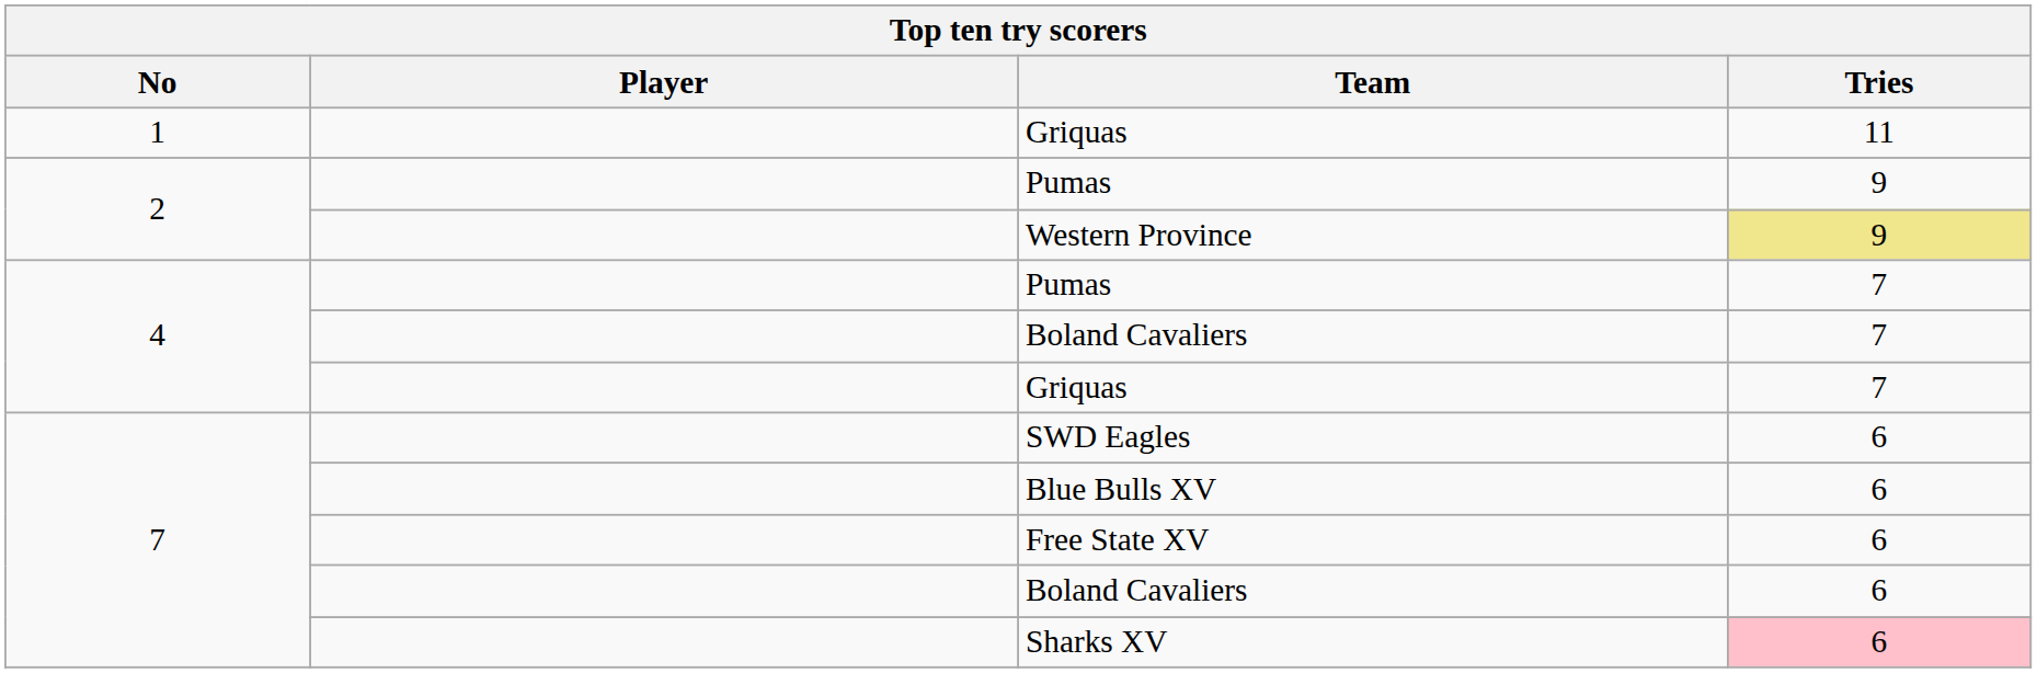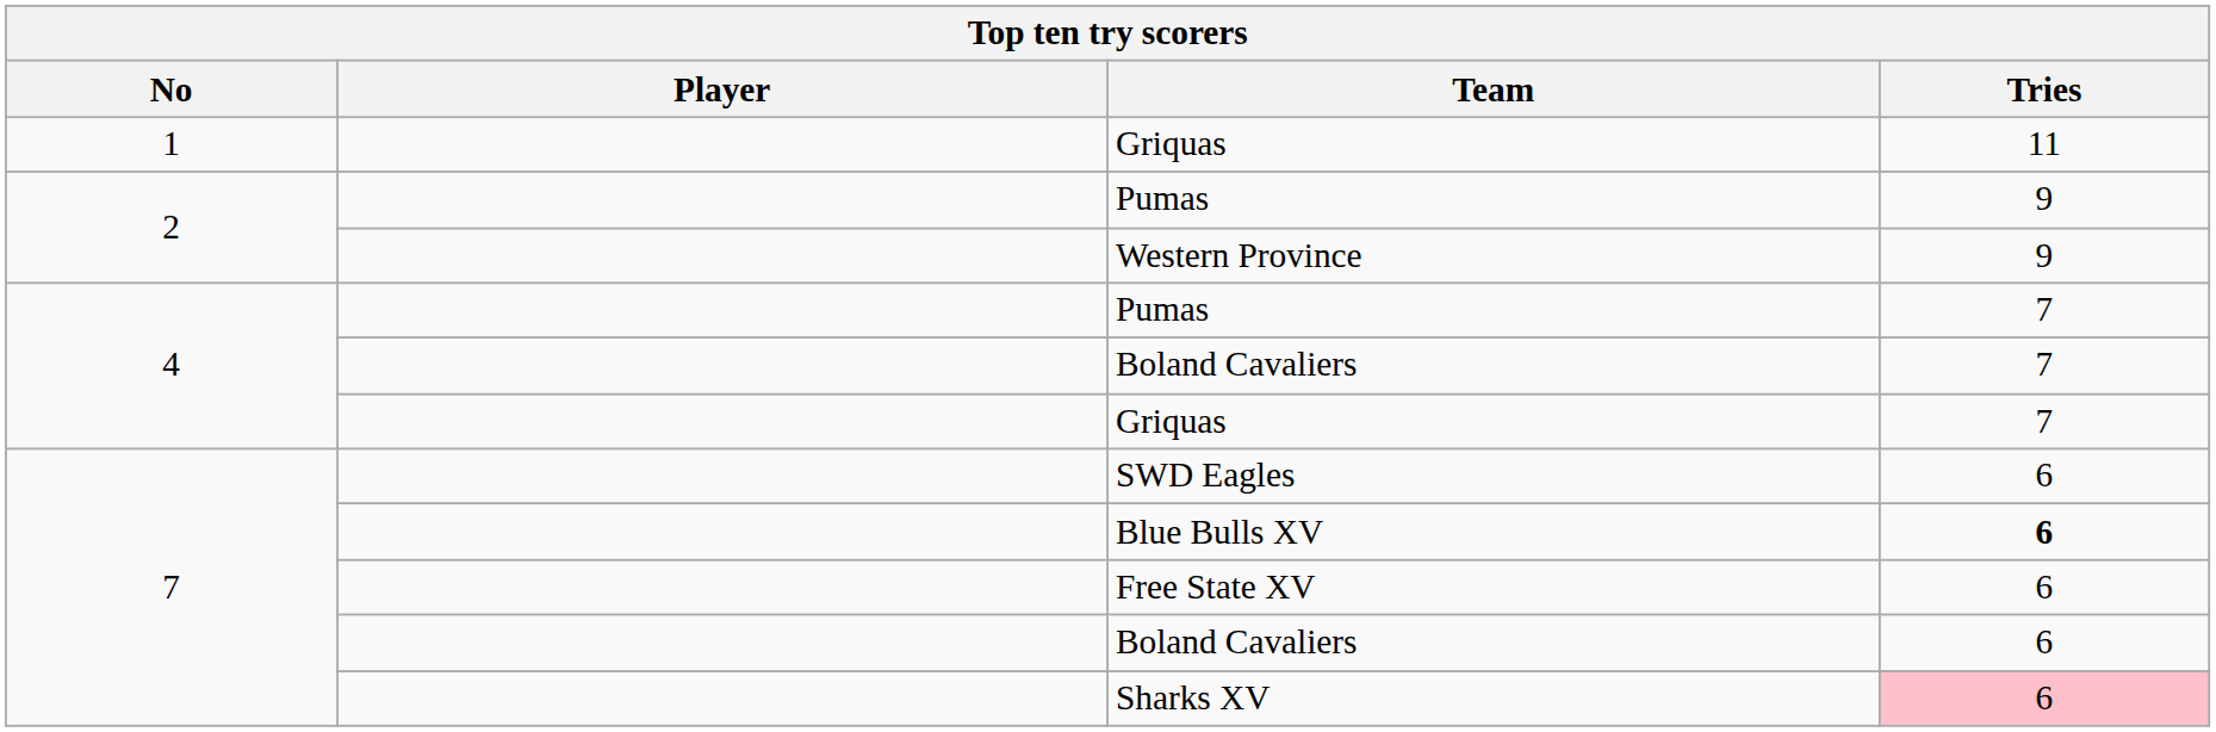 <table class="wikitable collapsible sortable" style="text-align:left; font-size:100%; width:80%;">
 <tr>
 <th colspan="100%">Top ten try scorers</th>
 </tr>
 <tr>
 <th style="width:15%;">No</th>
 <th style="width:35%;">Player</th>
 <th style="width:35%;">Team</th>
 <th style="width:15%;">Tries<br></th>
 </tr>
 <tr>
 <td style="text-align:center;">1</td>
 <td></td>
 <td>Griquas</td>
 <td style="text-align:center;">11</td>
 </tr>
 <tr>
 <td rowspan="2" style="text-align:center;">2</td>
 <td></td>
 <td>Pumas</td>
 <td style="text-align:center;">9</td>
 </tr>
 <tr>
 <td></td>
 <td>Western Province</td>
-<td style="background: khaki; text-align:center;">9</td>
+<td style="text-align:center;">9</td>
 </tr>
 <tr>
 <td rowspan="3" style="text-align:center;">4</td>
 <td></td>
 <td>Pumas</td>
 <td style="text-align:center;">7</td>
 </tr>
 <tr>
 <td></td>
 <td>Boland Cavaliers</td>
 <td style="text-align:center;">7</td>
 </tr>
 <tr>
 <td></td>
 <td>Griquas</td>
 <td style="text-align:center;">7</td>
 </tr>
 <tr>
 <td rowspan="5" style="text-align:center;">7</td>
 <td></td>
 <td>SWD Eagles</td>
 <td style="text-align:center;">6</td>
 </tr>
 <tr>
 <td></td>
 <td>Blue Bulls XV</td>
-<td style="text-align:center;">6</td>
+<td style="text-align:center;"><strong>6</strong></td>
 </tr>
 <tr>
 <td></td>
 <td>Free State XV</td>
 <td style="text-align:center;">6</td>
 </tr>
 <tr>
 <td></td>
 <td>Boland Cavaliers</td>
 <td style="text-align:center;">6</td>
 </tr>
 <tr>
 <td></td>
 <td>Sharks XV</td>
 <td style="background: pink; text-align:center;">6</td>
 </tr>
 </table>
